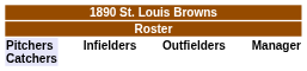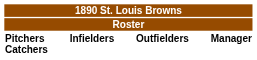 <table class="toccolours" style="font-size: 95%;">
 <tr>
 <th colspan="10" style="background-color: #964B00; color: white; text-align: center;">1890 St. Louis Browns</th>
 </tr>
 <tr>
 <td colspan="10" style="background-color: #964B00; color: white; text-align: center;"><strong>Roster</strong></td>
 </tr>
 <tr>
-<td valign="top" style="background: lavender;"><strong>Pitchers</strong><br>       <strong>Catchers</strong>      </td>
+<td valign="top"><strong>Pitchers</strong><br>       <strong>Catchers</strong>      </td>
 <td width="25px"></td>
 <td valign="top"><strong>Infielders</strong><br>              </td>
 <td width="25px"></td>
 <td valign="top"><strong>Outfielders</strong><br>      </td>
 <td width="25px"></td>
 <td valign="top"><strong>Manager</strong><br>    </td>
 </tr>
 </table>
